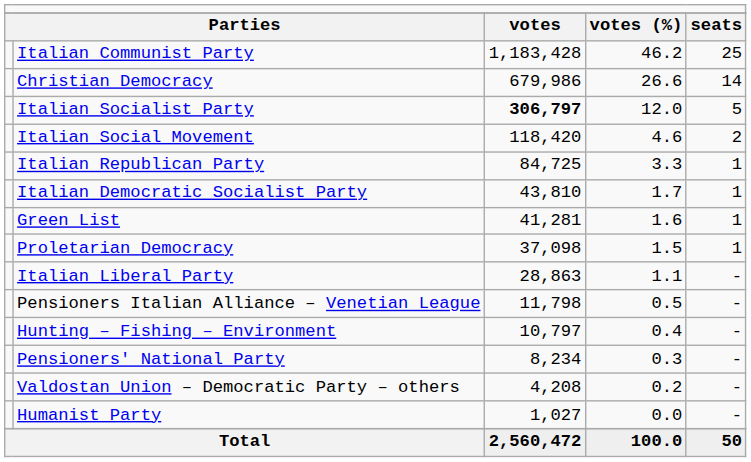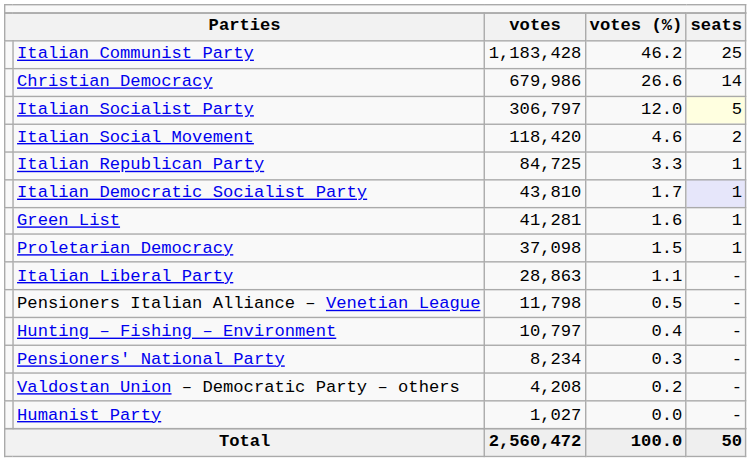 <table class="wikitable" style="font-size:95%">
 <tr>
 <td colspan=5 align=center></td>
 </tr>
 <tr>
 </tr>
 <tr bgcolor="EFEFEF">
 <th colspan=2>Parties</th>
 <th>votes</th>
 <th>votes (%)</th>
 <th>seats</th>
 </tr>
 <tr>
 <td bgcolor=></td>
 <td><a href='#'>Italian Communist Party</a></td>
 <td align=right>1,183,428</td>
 <td align=right>46.2</td>
 <td align=right>25</td>
 </tr>
 <tr>
 <td bgcolor=></td>
 <td><a href='#'>Christian Democracy</a></td>
 <td align=right>679,986</td>
 <td align=right>26.6</td>
 <td align=right>14</td>
 </tr>
 <tr>
 <td bgcolor=></td>
 <td><a href='#'>Italian Socialist Party</a></td>
-<td align=right><strong>306,797</strong></td>
+<td align=right>306,797</td>
 <td align=right>12.0</td>
-<td align=right>5</td>
+<td align=right style="background: lightyellow;">5</td>
 </tr>
 <tr>
 <td bgcolor=></td>
 <td><a href='#'>Italian Social Movement</a></td>
 <td align=right>118,420</td>
 <td align=right>4.6</td>
 <td align=right>2</td>
 </tr>
 <tr>
 <td bgcolor=></td>
 <td><a href='#'>Italian Republican Party</a></td>
 <td align=right>84,725</td>
 <td align=right>3.3</td>
 <td align=right>1</td>
 </tr>
 <tr>
 <td bgcolor=></td>
 <td><a href='#'>Italian Democratic Socialist Party</a></td>
 <td align=right>43,810</td>
 <td align=right>1.7</td>
-<td align=right>1</td>
+<td align=right style="background: lavender;">1</td>
 </tr>
 <tr>
 <td bgcolor=></td>
 <td><a href='#'>Green List</a></td>
 <td align=right>41,281</td>
 <td align=right>1.6</td>
 <td align=right>1</td>
 </tr>
 <tr>
 <td bgcolor=></td>
 <td><a href='#'>Proletarian Democracy</a></td>
 <td align=right>37,098</td>
 <td align=right>1.5</td>
 <td align=right>1</td>
 </tr>
 <tr>
 <td></td>
 <td><a href='#'>Italian Liberal Party</a></td>
 <td align=right>28,863</td>
 <td align=right>1.1</td>
 <td align=right>-</td>
 </tr>
 <tr>
 <td></td>
 <td>Pensioners Italian Alliance – <a href='#'>Venetian League</a></td>
 <td align=right>11,798</td>
 <td align=right>0.5</td>
 <td align=right>-</td>
 </tr>
 <tr>
 <td></td>
 <td><a href='#'>Hunting – Fishing – Environment</a></td>
 <td align=right>10,797</td>
 <td align=right>0.4</td>
 <td align=right>-</td>
 </tr>
 <tr>
 <td></td>
 <td><a href='#'>Pensioners' National Party</a></td>
 <td align=right>8,234</td>
 <td align=right>0.3</td>
 <td align=right>-</td>
 </tr>
 <tr>
 <td></td>
 <td><a href='#'>Valdostan Union</a> – Democratic Party – others</td>
 <td align=right>4,208</td>
 <td align=right>0.2</td>
 <td align=right>-</td>
 </tr>
 <tr>
 <td></td>
 <td><a href='#'>Humanist Party</a></td>
 <td align=right>1,027</td>
 <td align=right>0.0</td>
 <td align=right>-</td>
 </tr>
 <tr>
 </tr>
 <tr bgcolor="EFEFEF">
 <th colspan=2><strong>Total</strong></th>
 <td align=right><strong>2,560,472</strong></td>
 <td align=right><strong>100.0</strong></td>
 <td align=right><strong>50</strong></td>
 </tr>
 </table>
